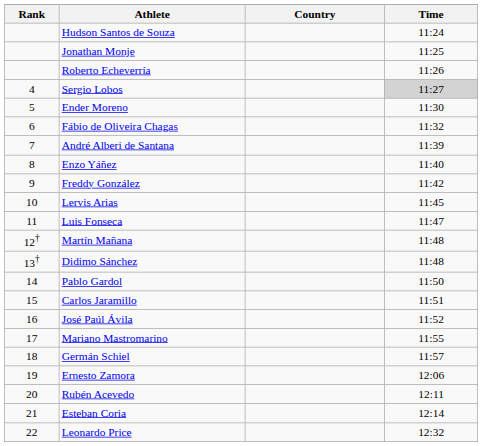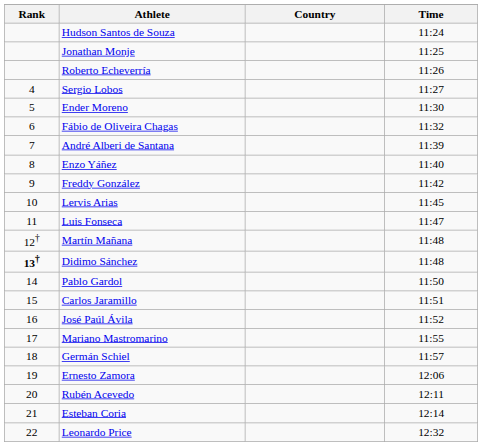 <table class="wikitable sortable" style=" text-align:center; font-size:95%;" width="50%">
 <tr>
 </tr>
 <tr>
 <th width=5%>Rank</th>
 <th width=20%>Athlete</th>
 <th width=15%>Country</th>
 <th width=10%>Time</th>
 </tr>
 <tr>
 <td align=center></td>
 <td align=left><a href='#'>Hudson Santos de Souza</a></td>
 <td align=left></td>
 <td>11:24</td>
 </tr>
 <tr>
 <td align=center></td>
 <td align=left><a href='#'>Jonathan Monje</a></td>
 <td align=left></td>
 <td>11:25</td>
 </tr>
 <tr>
 <td align=center></td>
 <td align=left><a href='#'>Roberto Echeverría</a></td>
 <td align=left></td>
 <td>11:26</td>
 </tr>
 <tr>
 <td align=center>4</td>
 <td align=left><a href='#'>Sergio Lobos</a></td>
 <td align=left></td>
-<td style="background: lightgrey;">11:27</td>
+<td>11:27</td>
 </tr>
 <tr>
 <td align=center>5</td>
 <td align=left><a href='#'>Ender Moreno</a></td>
 <td align=left></td>
 <td>11:30</td>
 </tr>
 <tr>
 <td align=center>6</td>
 <td align=left><a href='#'>Fábio de Oliveira Chagas</a></td>
 <td align=left></td>
 <td>11:32</td>
 </tr>
 <tr>
 <td align=center>7</td>
 <td align=left><a href='#'>André Alberi de Santana</a></td>
 <td align=left></td>
 <td>11:39</td>
 </tr>
 <tr>
 <td align=center>8</td>
 <td align=left><a href='#'>Enzo Yáñez</a></td>
 <td align=left></td>
 <td>11:40</td>
 </tr>
 <tr>
 <td align=center>9</td>
 <td align=left><a href='#'>Freddy González</a></td>
 <td align=left></td>
 <td>11:42</td>
 </tr>
 <tr>
 <td align=center>10</td>
 <td align=left><a href='#'>Lervis Arias</a></td>
 <td align=left></td>
 <td>11:45</td>
 </tr>
 <tr>
 <td align=center>11</td>
 <td align=left><a href='#'>Luis Fonseca</a></td>
 <td align=left></td>
 <td>11:47</td>
 </tr>
 <tr>
 <td align=center>12<sup>†</sup></td>
 <td align=left><a href='#'>Martín Mañana</a></td>
 <td align=left></td>
 <td>11:48</td>
 </tr>
 <tr>
-<td align=center>13<sup>†</sup></td>
+<td align=center><strong>13<sup>†</sup></strong></td>
 <td align=left><a href='#'>Didimo Sánchez</a></td>
 <td align=left></td>
 <td>11:48</td>
 </tr>
 <tr>
 <td align=center>14</td>
 <td align=left><a href='#'>Pablo Gardol</a></td>
 <td align=left></td>
 <td>11:50</td>
 </tr>
 <tr>
 <td align=center>15</td>
 <td align=left><a href='#'>Carlos Jaramillo</a></td>
 <td align=left></td>
 <td>11:51</td>
 </tr>
 <tr>
 <td align=center>16</td>
 <td align=left><a href='#'>José Paúl Ávila</a></td>
 <td align=left></td>
 <td>11:52</td>
 </tr>
 <tr>
 <td align=center>17</td>
 <td align=left><a href='#'>Mariano Mastromarino</a></td>
 <td align=left></td>
 <td>11:55</td>
 </tr>
 <tr>
 <td align=center>18</td>
 <td align=left><a href='#'>Germán Schiel</a></td>
 <td align=left></td>
 <td>11:57</td>
 </tr>
 <tr>
 <td align=center>19</td>
 <td align=left><a href='#'>Ernesto Zamora</a></td>
 <td align=left></td>
 <td>12:06</td>
 </tr>
 <tr>
 <td align=center>20</td>
 <td align=left><a href='#'>Rubén Acevedo</a></td>
 <td align=left></td>
 <td>12:11</td>
 </tr>
 <tr>
 <td align=center>21</td>
 <td align=left><a href='#'>Esteban Coria</a></td>
 <td align=left></td>
 <td>12:14</td>
 </tr>
 <tr>
 <td align=center>22</td>
 <td align=left><a href='#'>Leonardo Price</a></td>
 <td align=left></td>
 <td>12:32</td>
 </tr>
 </table>
